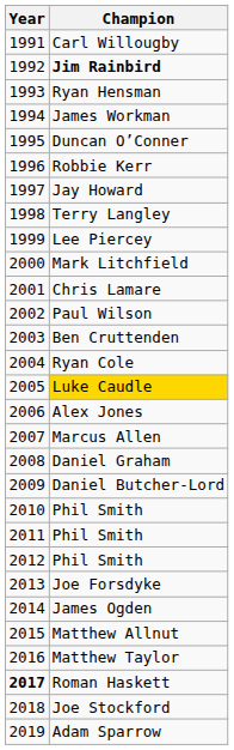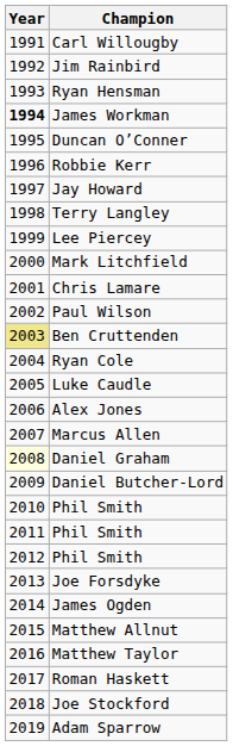 <table class="wikitable">
 <tr>
 <th>Year</th>
 <th>Champion</th>
 </tr>
 <tr>
 <td>1991</td>
 <td>Carl Willougby</td>
 </tr>
 <tr>
 <td>1992</td>
-<td><strong>Jim Rainbird</strong></td>
+<td>Jim Rainbird</td>
 </tr>
 <tr>
 <td>1993</td>
 <td>Ryan Hensman</td>
 </tr>
 <tr>
-<td>1994</td>
+<td><strong>1994</strong></td>
 <td>James Workman</td>
 </tr>
 <tr>
 <td>1995</td>
 <td>Duncan O’Conner</td>
 </tr>
 <tr>
 <td>1996</td>
 <td>Robbie Kerr</td>
 </tr>
 <tr>
 <td>1997</td>
 <td>Jay Howard</td>
 </tr>
 <tr>
 <td>1998</td>
 <td>Terry Langley</td>
 </tr>
 <tr>
 <td>1999</td>
 <td>Lee Piercey</td>
 </tr>
 <tr>
 <td>2000</td>
 <td>Mark Litchfield</td>
 </tr>
 <tr>
 <td>2001</td>
 <td>Chris Lamare</td>
 </tr>
 <tr>
 <td>2002</td>
 <td>Paul Wilson</td>
 </tr>
 <tr>
-<td>2003</td>
+<td style="background: khaki;">2003</td>
 <td>Ben Cruttenden</td>
 </tr>
 <tr>
 <td>2004</td>
 <td>Ryan Cole</td>
 </tr>
 <tr>
 <td>2005</td>
-<td style="background: gold;">Luke Caudle</td>
+<td>Luke Caudle</td>
 </tr>
 <tr>
 <td>2006</td>
 <td>Alex Jones</td>
 </tr>
 <tr>
 <td>2007</td>
 <td>Marcus Allen</td>
 </tr>
 <tr>
-<td>2008</td>
+<td style="background: lightyellow;">2008</td>
 <td>Daniel Graham</td>
 </tr>
 <tr>
 <td>2009</td>
 <td>Daniel Butcher-Lord</td>
 </tr>
 <tr>
 <td>2010</td>
 <td>Phil Smith</td>
 </tr>
 <tr>
 <td>2011</td>
 <td>Phil Smith</td>
 </tr>
 <tr>
 <td>2012</td>
 <td>Phil Smith</td>
 </tr>
 <tr>
 <td>2013</td>
 <td>Joe Forsdyke</td>
 </tr>
 <tr>
 <td>2014</td>
 <td>James Ogden</td>
 </tr>
 <tr>
 <td>2015</td>
 <td>Matthew Allnut</td>
 </tr>
 <tr>
 <td>2016</td>
 <td>Matthew Taylor</td>
 </tr>
 <tr>
-<td><strong>2017</strong></td>
+<td>2017</td>
 <td>Roman Haskett</td>
 </tr>
 <tr>
 <td>2018</td>
 <td>Joe Stockford</td>
 </tr>
 <tr>
 <td>2019</td>
 <td>Adam Sparrow</td>
 </tr>
 </table>
